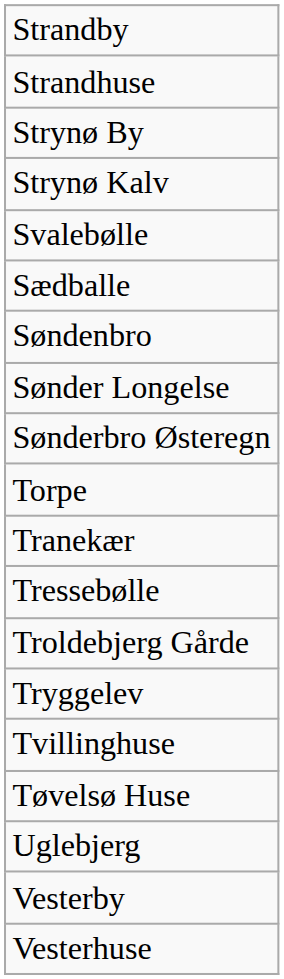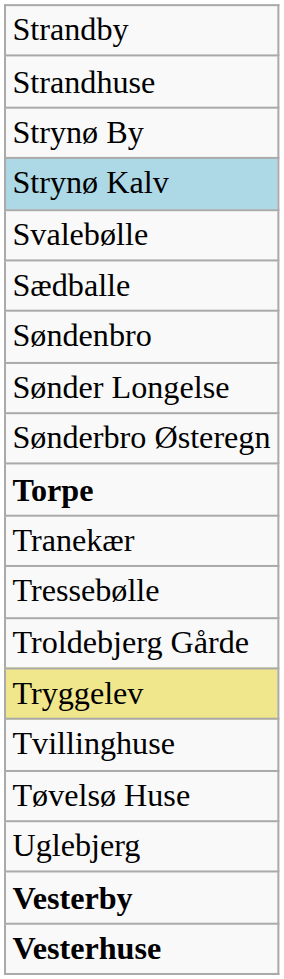 <table class="wikitable" style="float:left; margin-right:1em">
 <tr>
 <td>Strandby</td>
 </tr>
 <tr>
 <td>Strandhuse</td>
 </tr>
 <tr>
 <td>Strynø By</td>
 </tr>
 <tr>
-<td>Strynø Kalv</td>
+<td style="background: lightblue;">Strynø Kalv</td>
 </tr>
 <tr>
 <td>Svalebølle</td>
 </tr>
 <tr>
 <td>Sædballe</td>
 </tr>
 <tr>
 <td>Søndenbro</td>
 </tr>
 <tr>
 <td>Sønder Longelse</td>
 </tr>
 <tr>
 <td>Sønderbro Østeregn</td>
 </tr>
 <tr>
-<td>Torpe</td>
+<td><strong>Torpe</strong></td>
 </tr>
 <tr>
 <td>Tranekær</td>
 </tr>
 <tr>
 <td>Tressebølle</td>
 </tr>
 <tr>
 <td>Troldebjerg Gårde</td>
 </tr>
 <tr>
-<td>Tryggelev</td>
+<td style="background: khaki;">Tryggelev</td>
 </tr>
 <tr>
 <td>Tvillinghuse</td>
 </tr>
 <tr>
 <td>Tøvelsø Huse</td>
 </tr>
 <tr>
 <td>Uglebjerg</td>
 </tr>
 <tr>
-<td>Vesterby</td>
+<td><strong>Vesterby</strong></td>
 </tr>
 <tr>
-<td>Vesterhuse</td>
+<td><strong>Vesterhuse</strong></td>
 </tr>
 </table>
